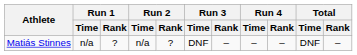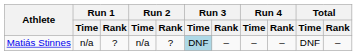 <table class="wikitable" border="1" style="font-size:90%">
 <tr>
 <th rowspan="2">Athlete</th>
 <th colspan="2">Run 1</th>
 <th colspan="2">Run 2</th>
 <th colspan="2">Run 3</th>
 <th colspan="2">Run 4</th>
 <th colspan="2">Total</th>
 </tr>
 <tr>
 <th>Time</th>
 <th>Rank</th>
 <th>Time</th>
 <th>Rank</th>
 <th>Time</th>
 <th>Rank</th>
 <th>Time</th>
 <th>Rank</th>
 <th>Time</th>
 <th>Rank</th>
 </tr>
 <tr>
 <td><a href='#'>Matiás Stinnes</a></td>
 <td align="center">n/a</td>
 <td align="center">?</td>
 <td align="center">n/a</td>
 <td align="center">?</td>
-<td align="center">DNF</td>
+<td align="center" style="background: lightblue;">DNF</td>
 <td align="center">–</td>
 <td align="center">–</td>
 <td align="center">–</td>
 <td align="center">DNF</td>
 <td align="center">–</td>
 </tr>
 </table>
